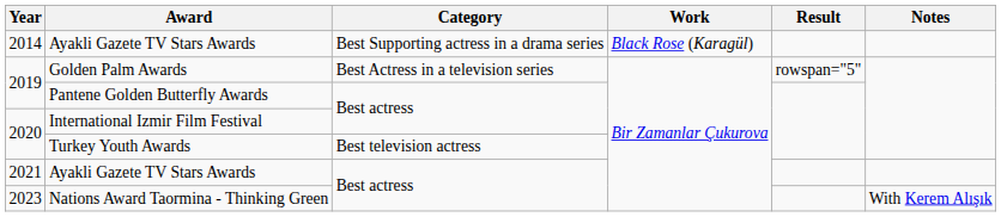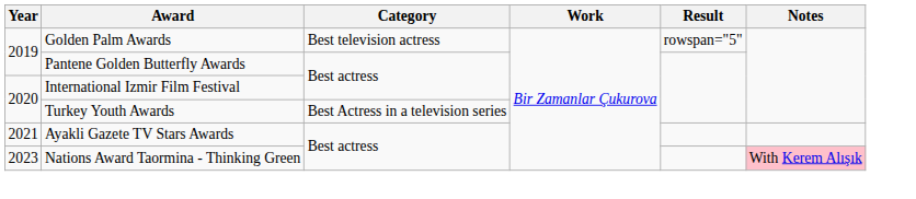 <table class="wikitable">
 <tr>
 <th>Year</th>
 <th>Award</th>
 <th>Category</th>
 <th>Work</th>
 <th>Result</th>
 <th>Notes</th>
 </tr>
 <tr>
-<td>2014</td>
-<td>Ayakli Gazete TV Stars Awards</td>
-<td>Best Supporting actress in a drama series</td>
-<td><em><a href='#'>Black Rose</a></em> (<em>Karagül</em>)</td>
-<td></td>
-<td></td>
-</tr>
-<tr>
 <td rowspan="2">2019</td>
 <td>Golden Palm Awards</td>
-<td>Best Actress in a television series</td>
+<td>Best television actress</td>
 <td rowspan="6"><em><a href='#'>Bir Zamanlar Çukurova</a></em></td>
 <td>rowspan="5" </td>
 <td rowspan="4"></td>
 </tr>
 <tr>
 <td>Pantene Golden Butterfly Awards</td>
 <td rowspan="2">Best actress</td>
 </tr>
 <tr>
 <td rowspan="2">2020</td>
 <td>International Izmir Film Festival</td>
 </tr>
 <tr>
 <td>Turkey Youth Awards</td>
-<td>Best television actress</td>
+<td>Best Actress in a television series</td>
 </tr>
 <tr>
 <td>2021</td>
 <td>Ayakli Gazete TV Stars Awards</td>
 <td rowspan="2">Best actress</td>
 <td></td>
 </tr>
 <tr>
 <td>2023</td>
 <td>Nations Award Taormina - Thinking Green</td>
 <td></td>
-<td>With <a href='#'>Kerem Alışık</a></td>
+<td style="background: pink;">With <a href='#'>Kerem Alışık</a></td>
 </tr>
 </table>
